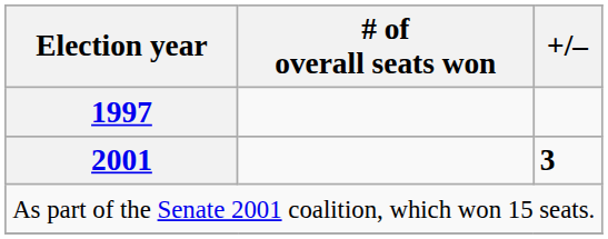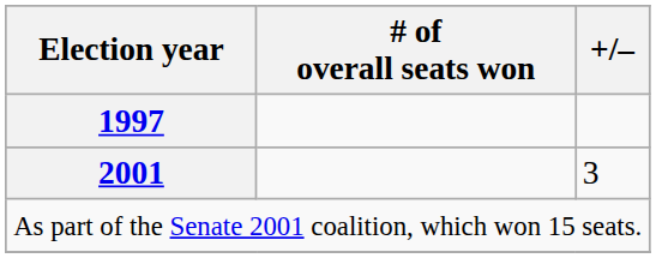 <table class=wikitable>
 <tr>
 <th>Election year</th>
 <th># of<br>overall seats won</th>
 <th>+/–</th>
 </tr>
 <tr>
 <th><a href='#'>1997</a></th>
 <td></td>
 <td></td>
 </tr>
 <tr>
 <th><a href='#'>2001</a></th>
 <td></td>
-<td><strong> 3</strong></td>
+<td> 3</td>
 </tr>
 <tr>
 <td colspan=7><small>As part of the <a href='#'>Senate 2001</a> coalition, which won 15 seats.</small></td>
 </tr>
 <tr>
 </tr>
 </table>
